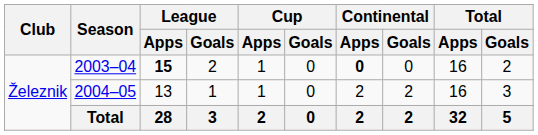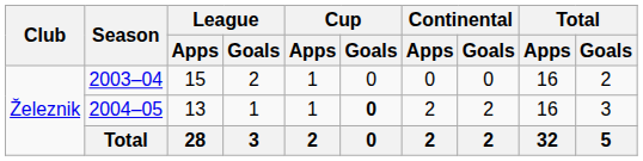 <table class="wikitable" style="text-align:center">
 <tr>
 <th rowspan="2">Club</th>
 <th rowspan="2">Season</th>
 <th colspan="2">League</th>
 <th colspan="2">Cup</th>
 <th colspan="2">Continental</th>
 <th colspan="2">Total</th>
 </tr>
 <tr>
 <th>Apps</th>
 <th>Goals</th>
 <th>Apps</th>
 <th>Goals</th>
 <th>Apps</th>
 <th>Goals</th>
 <th>Apps</th>
 <th>Goals</th>
 </tr>
 <tr>
 <td rowspan="3"><a href='#'>Železnik</a></td>
 <td><a href='#'>2003–04</a></td>
-<td><strong>15</strong></td>
+<td>15</td>
 <td>2</td>
 <td>1</td>
 <td>0</td>
-<td><strong>0</strong></td>
+<td>0</td>
 <td>0</td>
 <td>16</td>
 <td>2</td>
 </tr>
 <tr>
 <td><a href='#'>2004–05</a></td>
 <td>13</td>
 <td>1</td>
 <td>1</td>
-<td>0</td>
+<td><strong>0</strong></td>
 <td>2</td>
 <td>2</td>
 <td>16</td>
 <td>3</td>
 </tr>
 <tr>
 <th>Total</th>
 <th>28</th>
 <th>3</th>
 <th>2</th>
 <th>0</th>
 <th>2</th>
 <th>2</th>
 <th>32</th>
 <th>5</th>
 </tr>
 </table>
